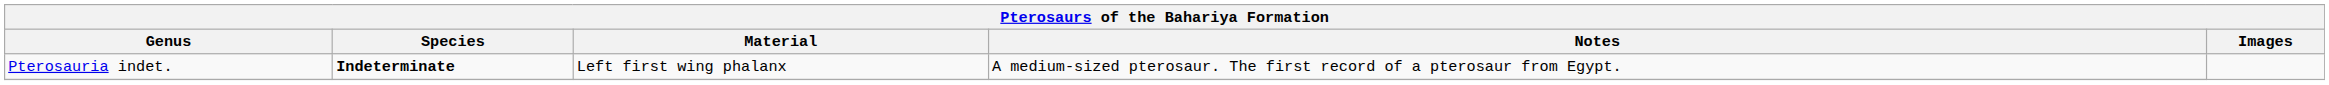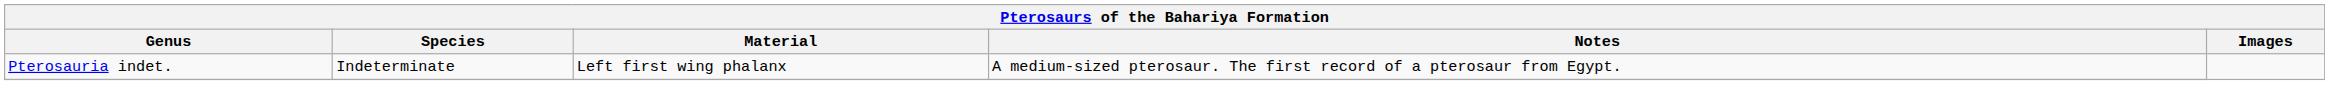 <table class="wikitable" align="center" width="100%">
 <tr>
 <th colspan="5" align="center"><strong><a href='#'>Pterosaurs</a> of the Bahariya Formation</strong></th>
 </tr>
 <tr>
 <th>Genus</th>
 <th>Species</th>
 <th>Material</th>
 <th>Notes</th>
 <th>Images</th>
 </tr>
 <tr>
 <td><a href='#'>Pterosauria</a> indet.</td>
-<td><strong>Indeterminate</strong></td>
+<td>Indeterminate</td>
 <td>Left first wing phalanx</td>
 <td>A medium-sized pterosaur. The first record of a pterosaur from Egypt.</td>
 </tr>
 <tr>
 </tr>
 </table>
